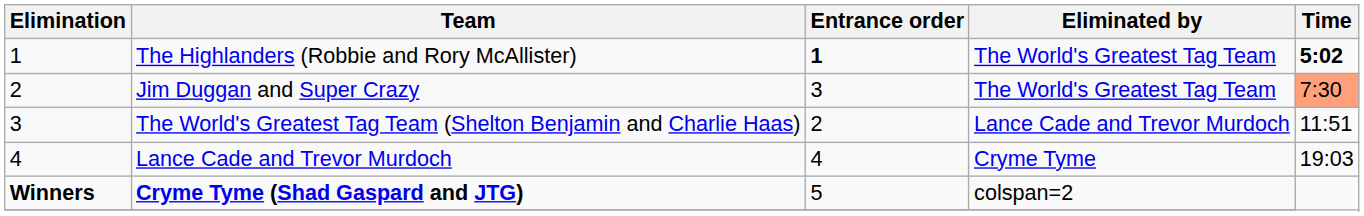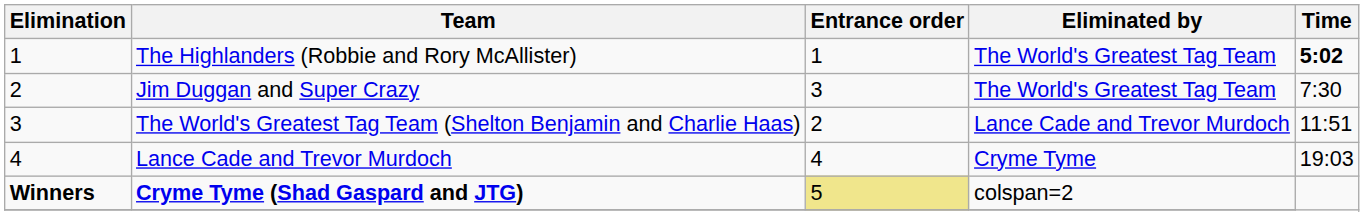 <table class="wikitable">
 <tr>
 <th>Elimination</th>
 <th>Team</th>
 <th>Entrance order</th>
 <th>Eliminated by</th>
 <th>Time</th>
 </tr>
 <tr>
 <td>1</td>
 <td><a href='#'>The Highlanders</a> (Robbie and Rory McAllister)</td>
-<td><strong>1</strong></td>
+<td>1</td>
 <td><a href='#'>The World's Greatest Tag Team</a></td>
 <td><strong>5:02</strong></td>
 </tr>
 <tr>
 <td>2</td>
 <td><a href='#'>Jim Duggan</a> and <a href='#'>Super Crazy</a></td>
 <td>3</td>
 <td><a href='#'>The World's Greatest Tag Team</a></td>
-<td style="background: lightsalmon;">7:30</td>
+<td>7:30</td>
 </tr>
 <tr>
 <td>3</td>
 <td><a href='#'>The World's Greatest Tag Team</a> (<a href='#'>Shelton Benjamin</a> and <a href='#'>Charlie Haas</a>)</td>
 <td>2</td>
 <td><a href='#'>Lance Cade and Trevor Murdoch</a></td>
 <td>11:51</td>
 </tr>
 <tr>
 <td>4</td>
 <td><a href='#'>Lance Cade and Trevor Murdoch</a></td>
 <td>4</td>
 <td><a href='#'>Cryme Tyme</a></td>
 <td>19:03</td>
 </tr>
 <tr>
 <td><strong>Winners</strong></td>
 <td><strong><a href='#'>Cryme Tyme</a> (<a href='#'>Shad Gaspard</a> and <a href='#'>JTG</a>)</strong></td>
-<td>5</td>
+<td style="background: khaki;">5</td>
 <td>colspan=2 </td>
 </tr>
 <tr>
 </tr>
 </table>
